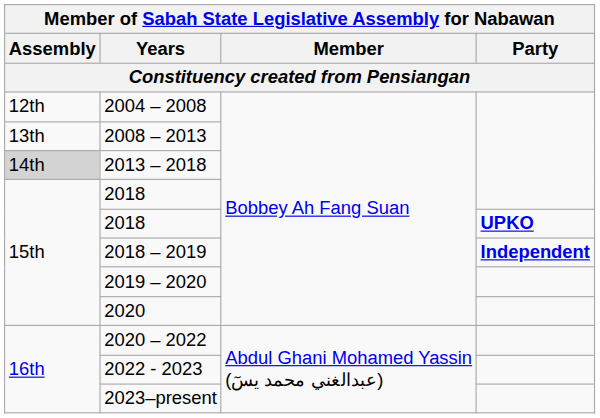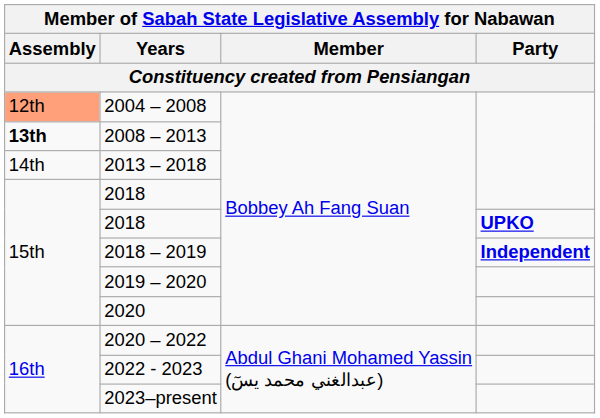 <table class="wikitable">
 <tr>
 <th colspan="4">Member of <a href='#'>Sabah State Legislative Assembly</a> for Nabawan</th>
 </tr>
 <tr>
 <th>Assembly</th>
 <th>Years</th>
 <th>Member</th>
 <th>Party</th>
 </tr>
 <tr>
 <th colspan="4" align="center"><em>Constituency created from Pensiangan</em></th>
 </tr>
 <tr>
-<td>12th</td>
+<td style="background: lightsalmon;">12th</td>
 <td>2004 – 2008</td>
 <td rowspan="8"><a href='#'>Bobbey Ah Fang Suan</a></td>
 <td rowspan="4"></td>
 </tr>
 <tr>
-<td>13th</td>
+<td><strong>13th</strong></td>
 <td>2008 – 2013</td>
 </tr>
 <tr>
-<td style="background: lightgrey;">14th</td>
+<td>14th</td>
 <td>2013 – 2018</td>
 </tr>
 <tr>
 <td rowspan="5">15th</td>
 <td>2018</td>
 </tr>
 <tr>
 <td>2018</td>
 <td><strong><a href='#'>UPKO</a></strong></td>
 </tr>
 <tr>
 <td>2018 – 2019</td>
 <td><strong><a href='#'>Independent</a></strong></td>
 </tr>
 <tr>
 <td>2019 – 2020</td>
 <td></td>
 </tr>
 <tr>
 <td>2020</td>
 <td></td>
 </tr>
 <tr>
 <td rowspan="3"><a href='#'>16th</a></td>
 <td>2020 – 2022</td>
 <td rowspan="3"><a href='#'>Abdul Ghani Mohamed Yassin</a><br>(عبدالغني محمد يسٓ)</td>
 <td></td>
 </tr>
 <tr>
 <td>2022 - 2023</td>
 <td></td>
 </tr>
 <tr>
 <td>2023–present</td>
 <td></td>
 </tr>
 </table>
